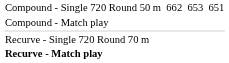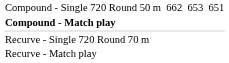 <table>
 <tr>
 <td>Compound - Single 720 Round 50 m</td>
 <td></td>
 <td>662</td>
 <td></td>
 <td>653</td>
 <td></td>
 <td>651</td>
 </tr>
 <tr>
-<td>Compound - Match play</td>
+<td><strong>Compound - Match play</strong></td>
 <td></td>
 <td></td>
 <td></td>
 <td></td>
 <td></td>
 <td></td>
 </tr>
 <tr bgcolor=#ddd>
 <td colspan=8></td>
 </tr>
 <tr>
 <td>Recurve - Single 720 Round 70 m</td>
 <td></td>
 <td></td>
 <td></td>
 <td></td>
 <td></td>
 <td></td>
 </tr>
 <tr>
-<td><strong>Recurve - Match play</strong></td>
+<td>Recurve - Match play</td>
 <td></td>
 <td></td>
 <td></td>
 <td></td>
 <td></td>
 <td></td>
 </tr>
 </table>
